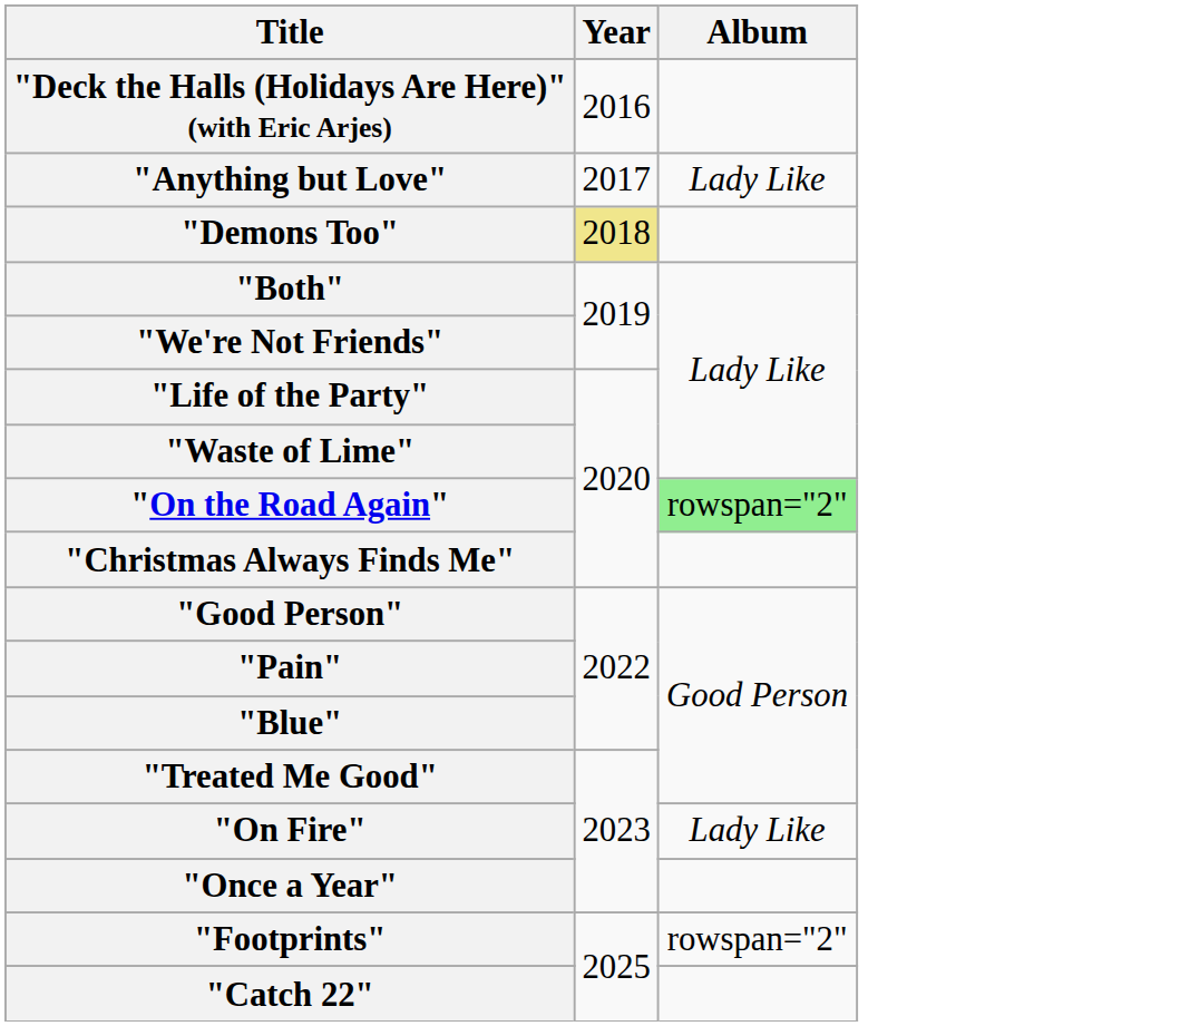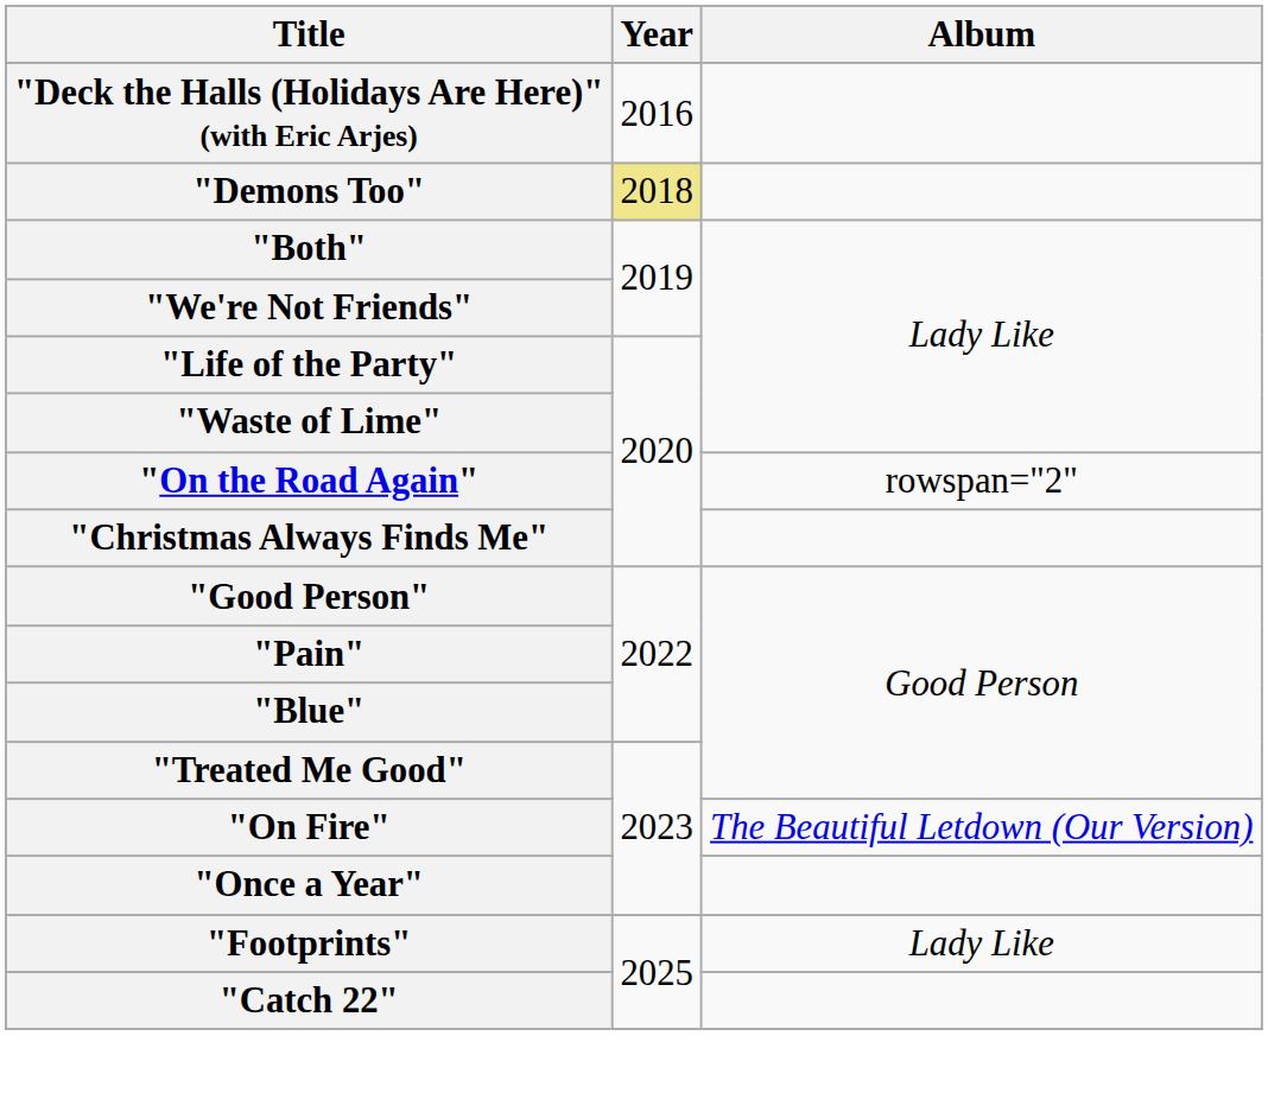 <table class="wikitable plainrowheaders" style="text-align:center;">
 <tr>
 <th scope="col">Title</th>
 <th scope="col">Year</th>
 <th scope="col">Album</th>
 </tr>
 <tr>
 <th scope="row">"Deck the Halls (Holidays Are Here)"<br><small>(with Eric Arjes)</small></th>
 <td>2016</td>
 <td></td>
-</tr>
-<tr>
-<th scope="row">"Anything but Love"</th>
-<td>2017</td>
-<td><em>Lady Like</em></td>
 </tr>
 <tr>
 <th scope="row">"Demons Too"</th>
 <td style="background: khaki;">2018</td>
 <td></td>
 </tr>
 <tr>
 <th scope="row">"Both"</th>
 <td rowspan="2">2019</td>
 <td rowspan="4"><em>Lady Like</em></td>
 </tr>
 <tr>
 <th scope="row">"We're Not Friends"</th>
 </tr>
 <tr>
 <th scope="row">"Life of the Party"</th>
 <td rowspan="4">2020</td>
 </tr>
 <tr>
 <th scope="row">"Waste of Lime"</th>
 </tr>
 <tr>
 <th scope="row">"<a href='#'>On the Road Again</a>"<br></th>
-<td style="background: lightgreen;">rowspan="2" </td>
+<td>rowspan="2" </td>
 </tr>
 <tr>
 <th scope="row">"Christmas Always Finds Me"</th>
 </tr>
 <tr>
 <th scope="row">"Good Person"</th>
 <td rowspan="3">2022</td>
 <td rowspan="4"><em>Good Person</em></td>
 </tr>
 <tr>
 <th scope="row">"Pain"</th>
 </tr>
 <tr>
 <th scope="row">"Blue"</th>
 </tr>
 <tr>
 <th scope="row">"Treated Me Good"</th>
 <td rowspan="3">2023</td>
 </tr>
 <tr>
 <th scope="row">"On Fire"</th>
-<td><em>Lady Like</em></td>
+<td><em><a href='#'>The Beautiful Letdown (Our Version)</a></em></td>
 </tr>
 <tr>
 <th scope="row">"Once a Year"</th>
 <td></td>
 </tr>
 <tr>
 <th scope="row">"Footprints"</th>
 <td rowspan="2">2025</td>
-<td>rowspan="2" </td>
+<td><em>Lady Like</em></td>
 </tr>
 <tr>
 <th scope="row">"Catch 22"</th>
 </tr>
 </table>
